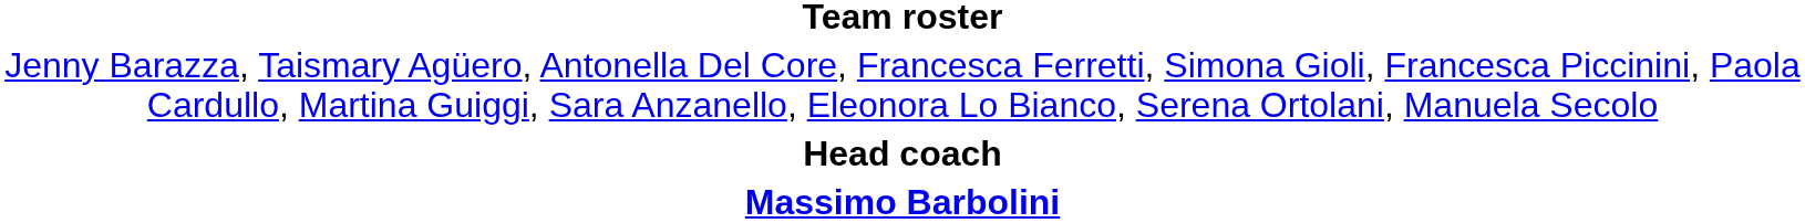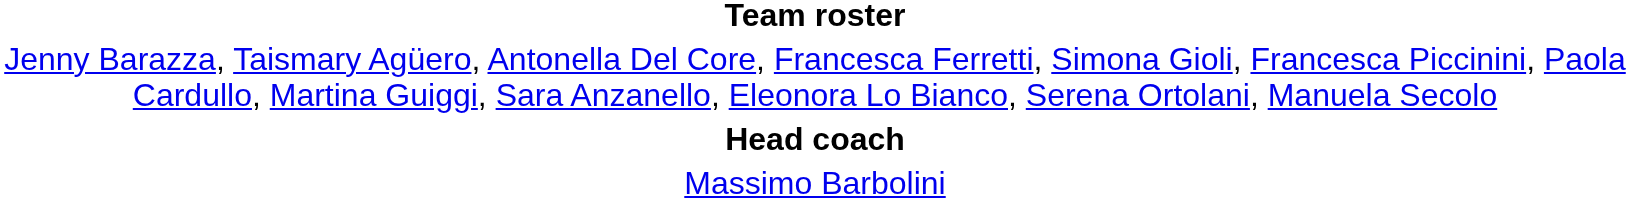 <table style="text-align:center; margin-top:2em; margin-left:auto; margin-right:auto">
 <tr>
 <td><strong>Team roster</strong></td>
 </tr>
 <tr>
 <td><a href='#'>Jenny Barazza</a>, <a href='#'>Taismary Agüero</a>, <a href='#'>Antonella Del Core</a>, <a href='#'>Francesca Ferretti</a>, <a href='#'>Simona Gioli</a>, <a href='#'>Francesca Piccinini</a>, <a href='#'>Paola Cardullo</a>, <a href='#'>Martina Guiggi</a>, <a href='#'>Sara Anzanello</a>, <a href='#'>Eleonora Lo Bianco</a>, <a href='#'>Serena Ortolani</a>, <a href='#'>Manuela Secolo</a></td>
 </tr>
 <tr>
 <td><strong>Head coach</strong></td>
 </tr>
 <tr>
-<td><strong><a href='#'>Massimo Barbolini</a></strong></td>
+<td><a href='#'>Massimo Barbolini</a></td>
 </tr>
 <tr>
 </tr>
 </table>
